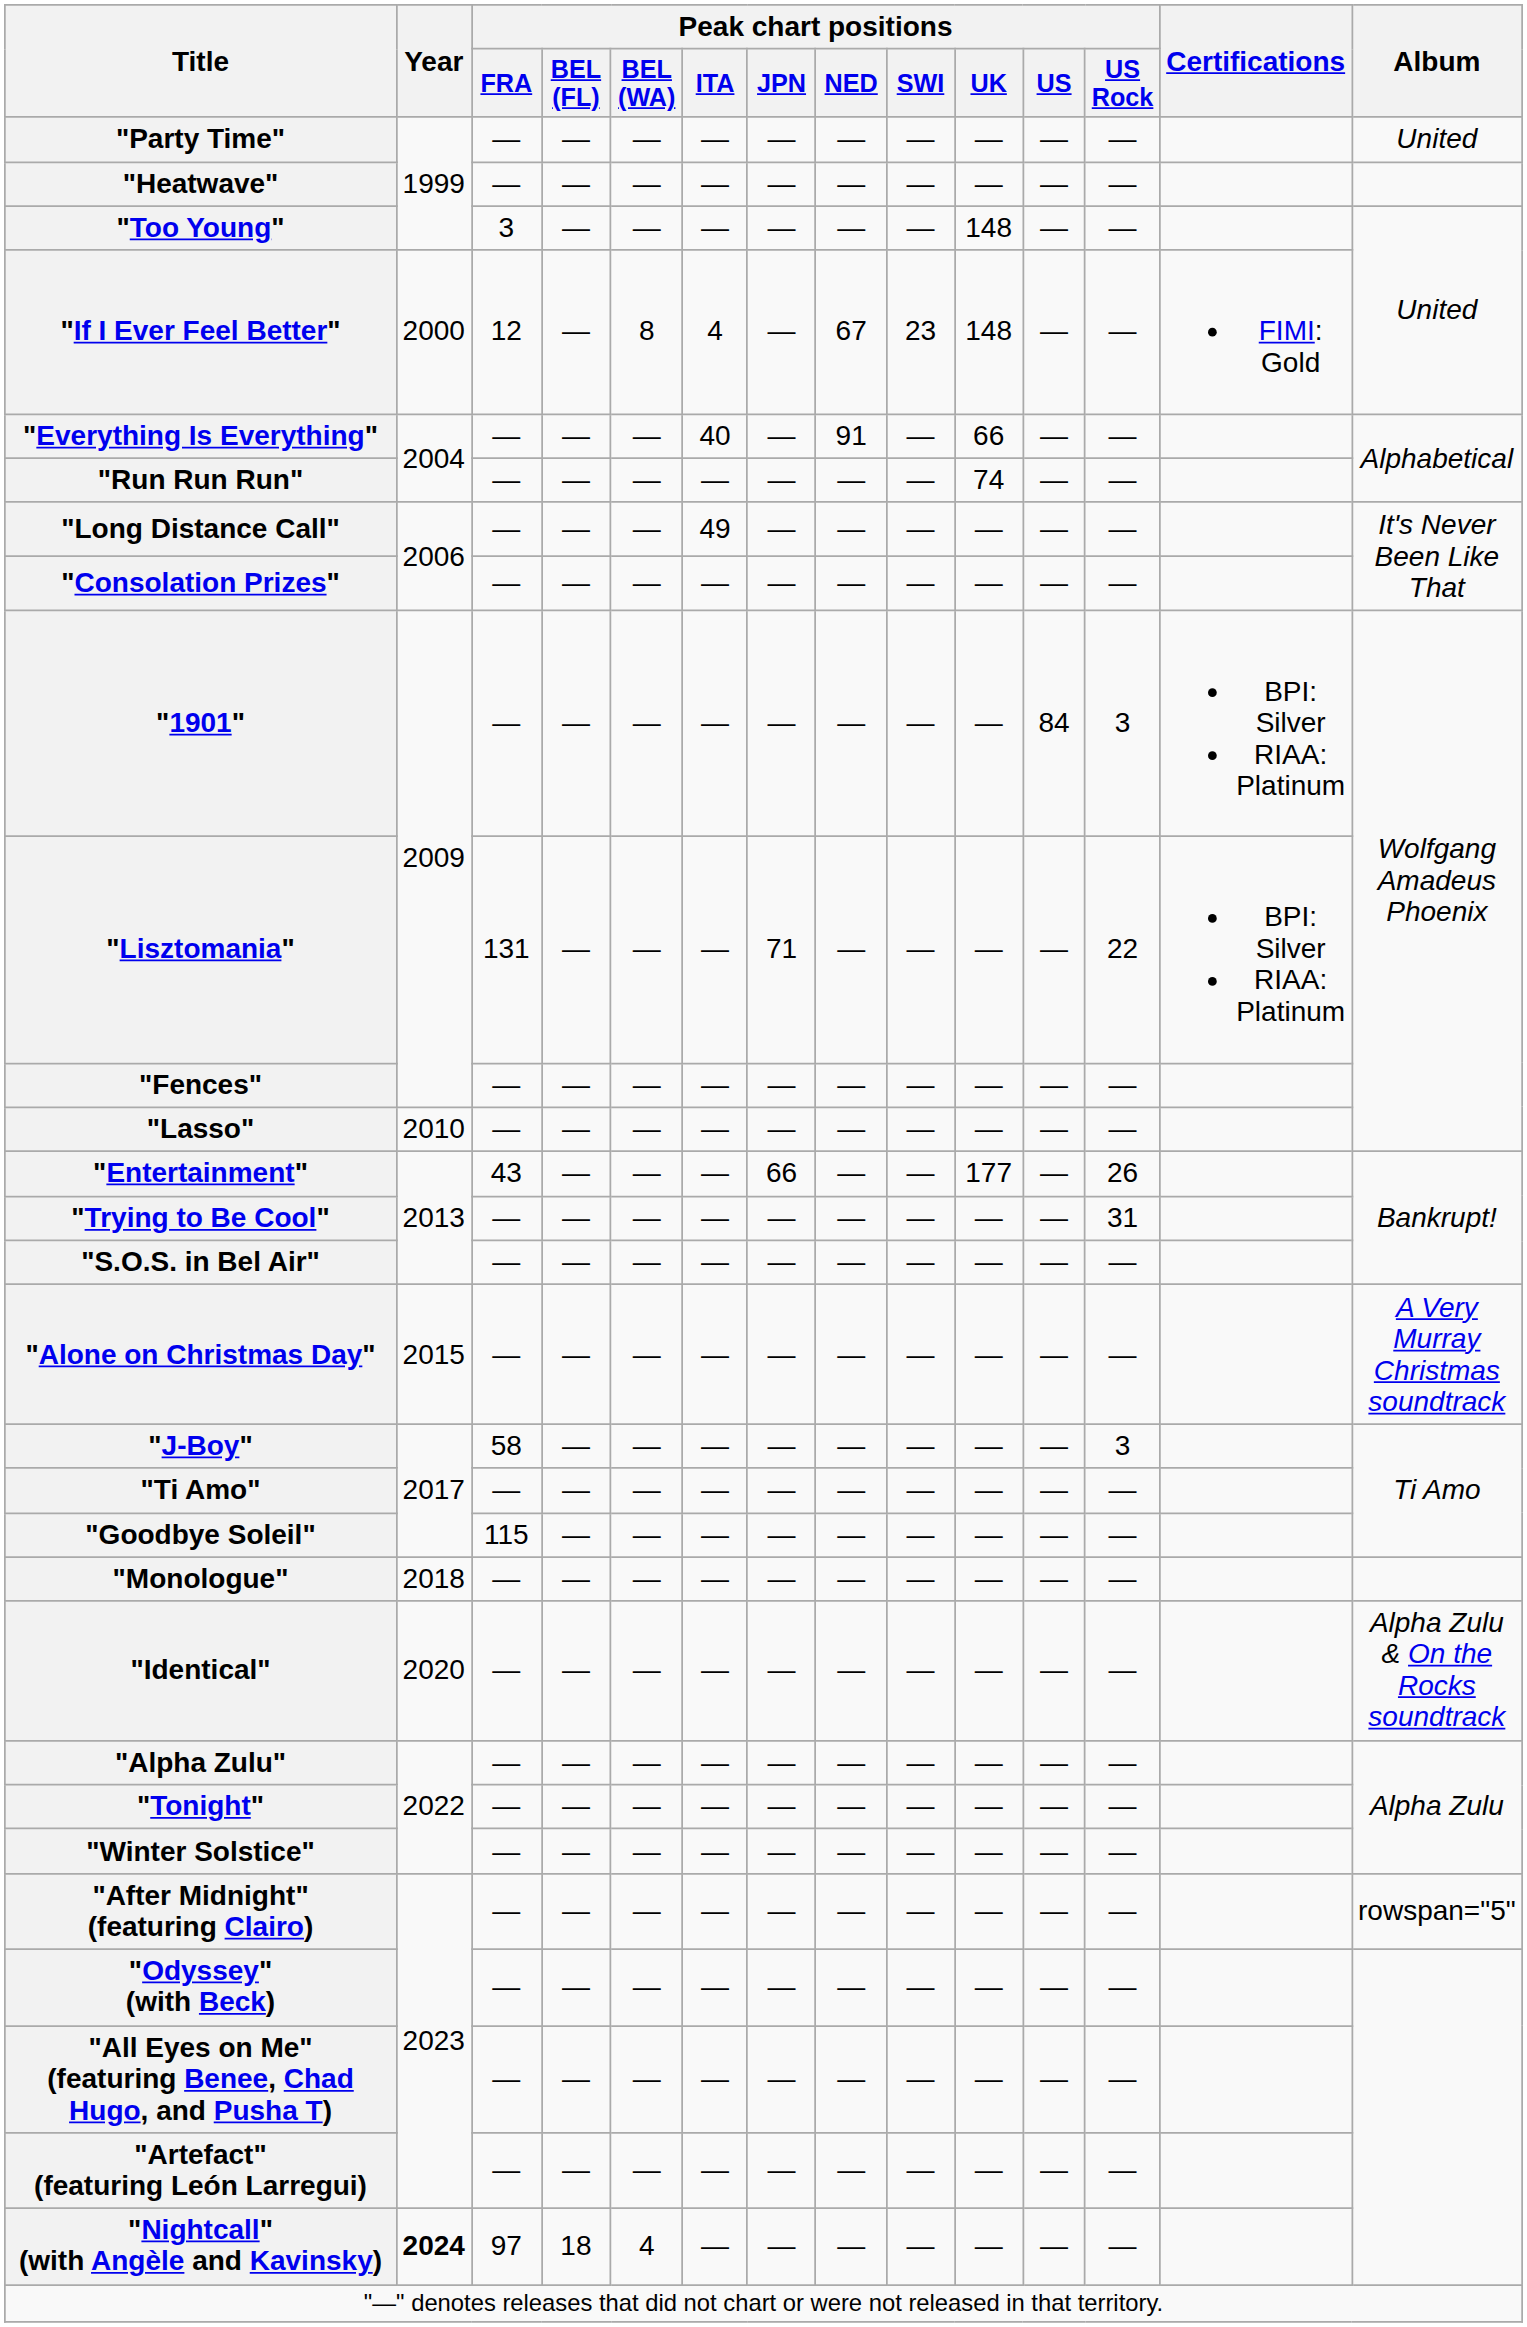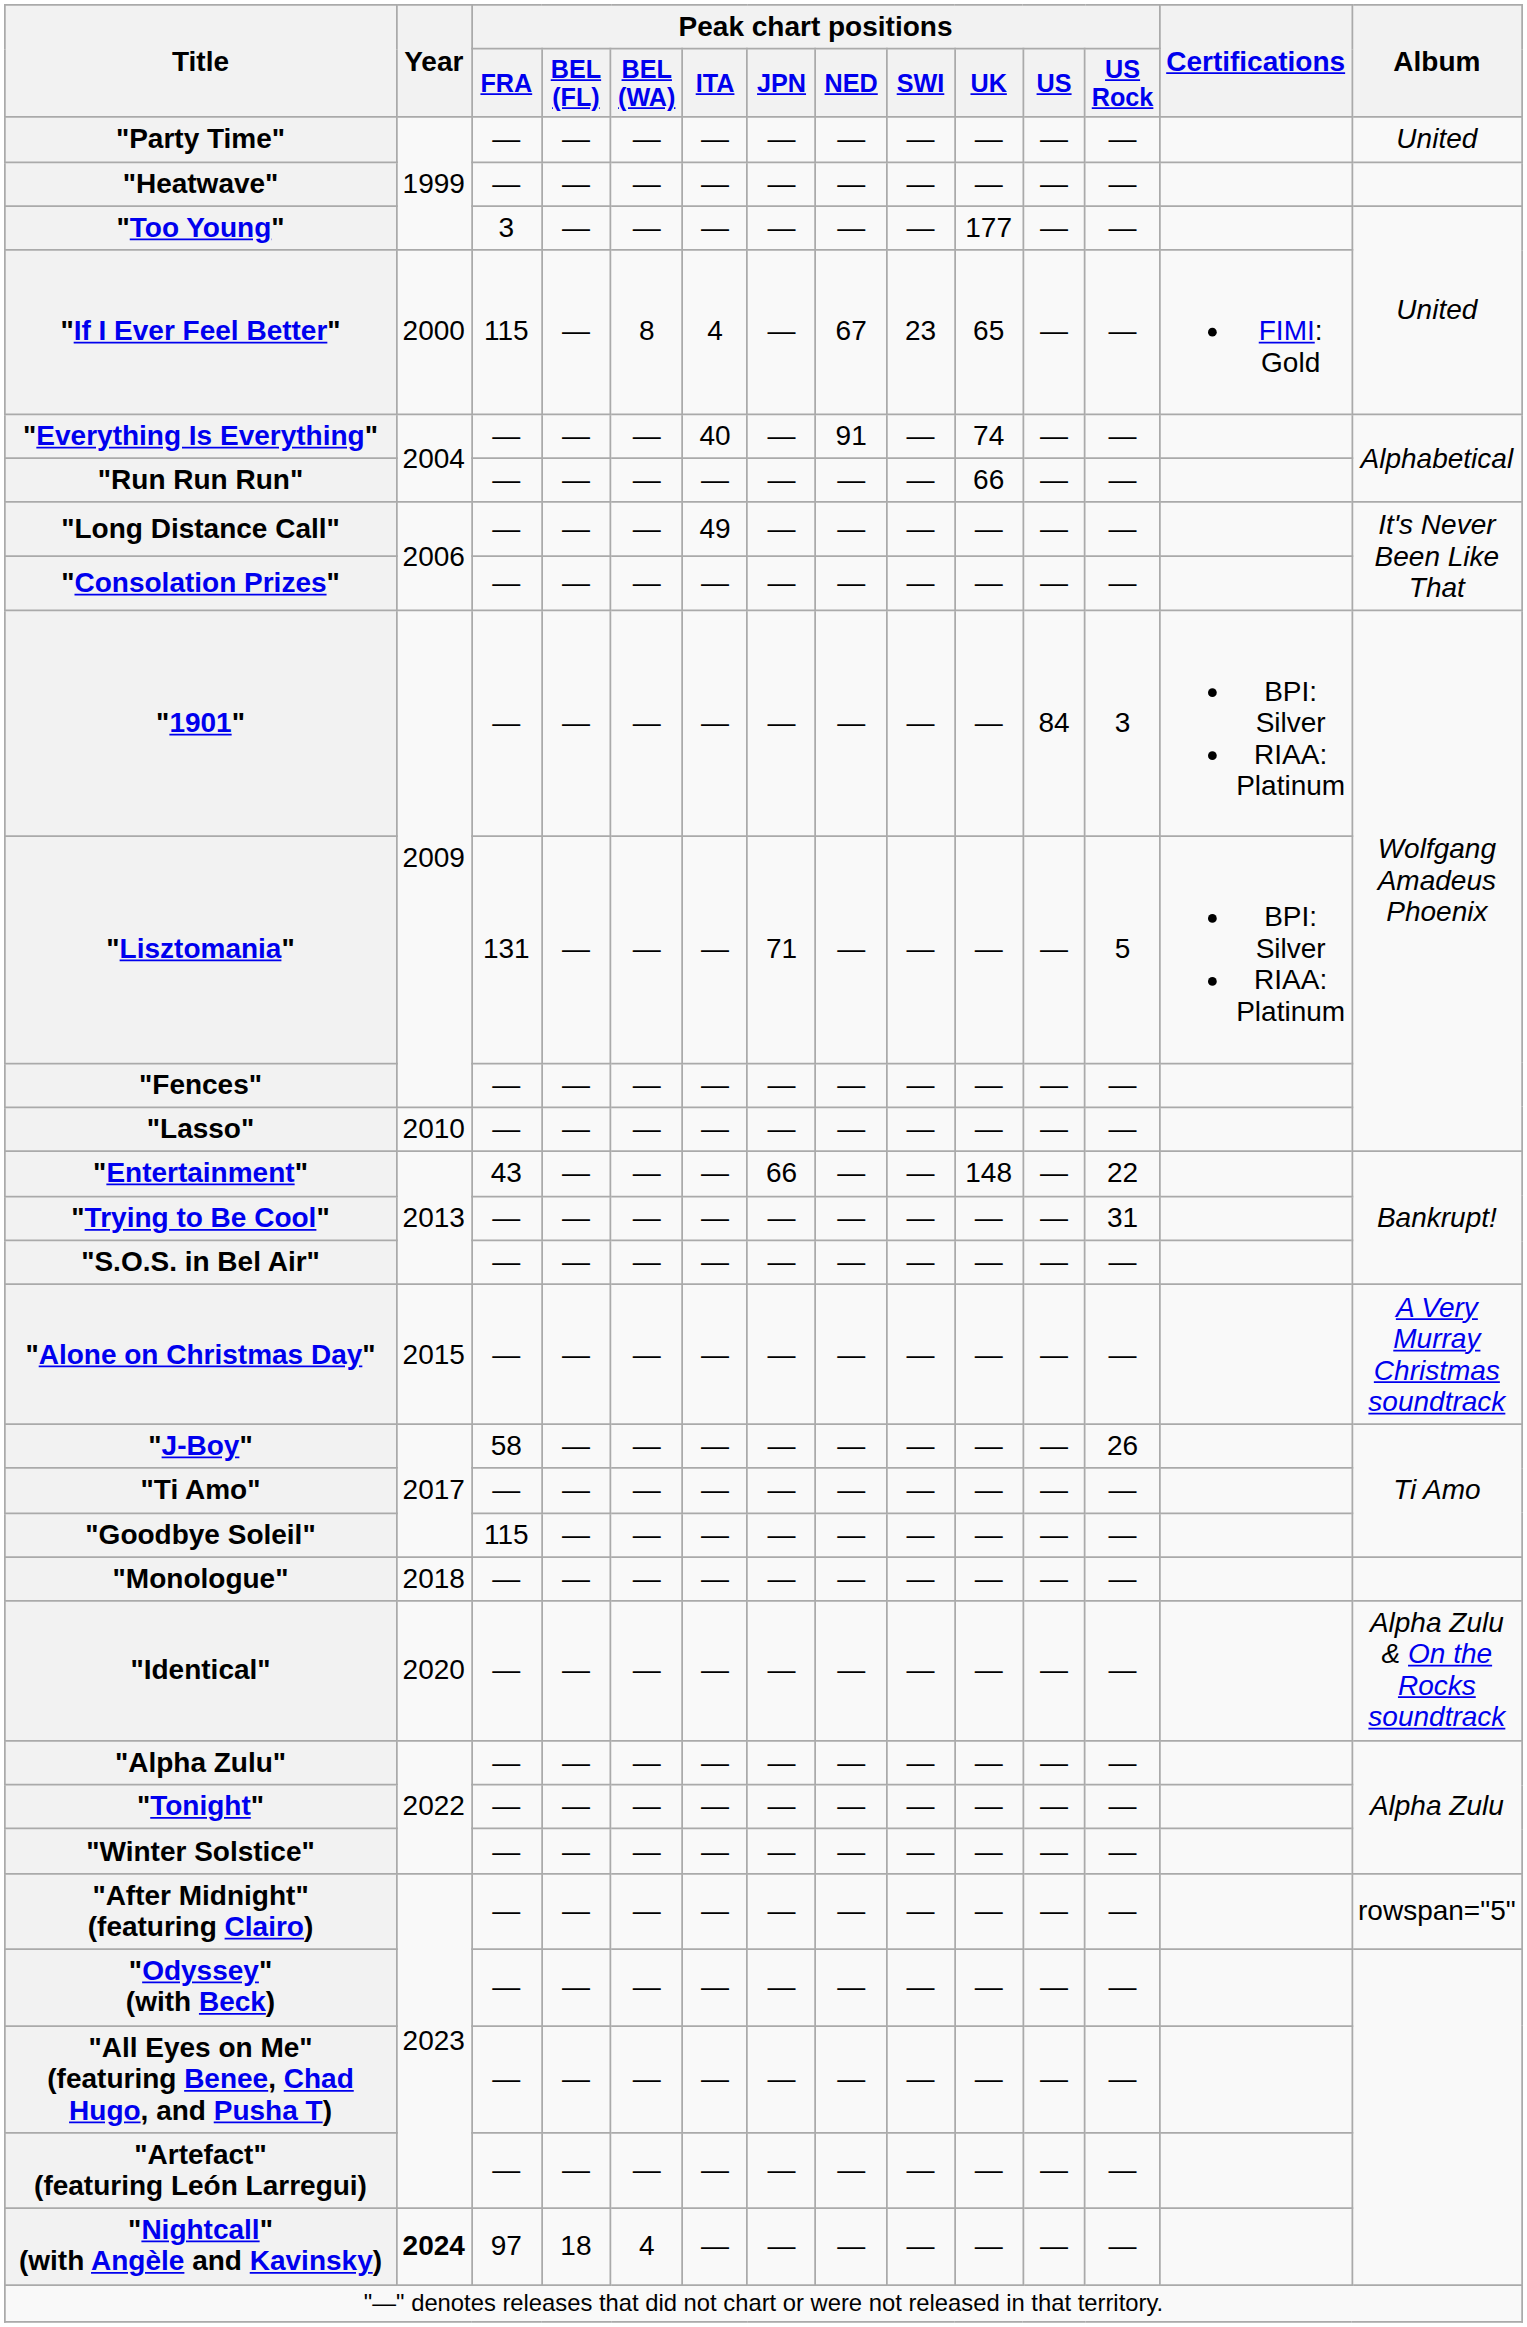 <table class="wikitable plainrowheaders" style="text-align:center;">
 <tr>
 <th scope="col" rowspan="2" style="width:18em;">Title</th>
 <th scope="col" rowspan="2" style="width:1em;">Year</th>
 <th scope="col" colspan="10">Peak chart positions</th>
 <th scope="col" rowspan="2"><a href='#'>Certifications</a></th>
 <th scope="col" rowspan="2">Album</th>
 </tr>
 <tr>
 <th scope="col" style="width:2.5em;font-size:90%;"><a href='#'>FRA</a><br></th>
 <th scope="col" style="width:2.5em;font-size:90%;"><a href='#'>BEL<br>(FL)</a><br></th>
 <th scope="col" style="width:2.5em;font-size:90%;"><a href='#'>BEL<br>(WA)</a><br></th>
 <th scope="col" style="width:2.5em;font-size:90%;"><a href='#'>ITA</a><br></th>
 <th scope="col" style="width:2.5em;font-size:90%;"><a href='#'>JPN</a><br></th>
 <th scope="col" style="width:2.5em;font-size:90%;"><a href='#'>NED</a><br></th>
 <th scope="col" style="width:2.5em;font-size:90%;"><a href='#'>SWI</a><br></th>
 <th scope="col" style="width:2.5em;font-size:90%;"><a href='#'>UK</a><br></th>
 <th scope="col" style="width:2.5em;font-size:90%;"><a href='#'>US</a><br></th>
 <th scope="col" style="width:2.5em;font-size:90%;"><a href='#'>US<br>Rock</a><br></th>
 </tr>
 <tr>
 <th scope="row">"Party Time"</th>
 <td rowspan="3">1999</td>
 <td>—</td>
 <td>—</td>
 <td>—</td>
 <td>—</td>
 <td>—</td>
 <td>—</td>
 <td>—</td>
 <td>—</td>
 <td>—</td>
 <td>—</td>
 <td></td>
 <td><em>United</em></td>
 </tr>
 <tr>
 <th scope="row">"Heatwave"</th>
 <td>—</td>
 <td>—</td>
 <td>—</td>
 <td>—</td>
 <td>—</td>
 <td>—</td>
 <td>—</td>
 <td>—</td>
 <td>—</td>
 <td>—</td>
 <td></td>
 <td></td>
 </tr>
 <tr>
 <th scope="row">"<a href='#'>Too Young</a>"</th>
 <td>3</td>
 <td>—</td>
 <td>—</td>
 <td>—</td>
 <td>—</td>
 <td>—</td>
 <td>—</td>
-<td>148</td>
+<td>177</td>
 <td>—</td>
 <td>—</td>
 <td></td>
 <td rowspan="2"><em>United</em></td>
 </tr>
 <tr>
 <th scope="row">"<a href='#'>If I Ever Feel Better</a>"</th>
 <td>2000</td>
-<td>12</td>
+<td>115</td>
 <td>—</td>
 <td>8</td>
 <td>4</td>
 <td>—</td>
 <td>67</td>
 <td>23</td>
-<td>148</td>
+<td>65</td>
 <td>—</td>
 <td>—</td>
 <td><br><ul><li><a href='#'>FIMI</a>: Gold</li></ul></td>
 </tr>
 <tr>
 <th scope="row">"<a href='#'>Everything Is Everything</a>"</th>
 <td rowspan="2">2004</td>
 <td>—</td>
 <td>—</td>
 <td>—</td>
 <td>40</td>
 <td>—</td>
 <td>91</td>
 <td>—</td>
-<td>66</td>
+<td>74</td>
 <td>—</td>
 <td>—</td>
 <td></td>
 <td rowspan="2"><em>Alphabetical</em></td>
 </tr>
 <tr>
 <th scope="row">"Run Run Run"</th>
 <td>—</td>
 <td>—</td>
 <td>—</td>
 <td>—</td>
 <td>—</td>
 <td>—</td>
 <td>—</td>
-<td>74</td>
+<td>66</td>
 <td>—</td>
 <td>—</td>
 <td></td>
 </tr>
 <tr>
 <th scope="row">"Long Distance Call"</th>
 <td rowspan="2">2006</td>
 <td>—</td>
 <td>—</td>
 <td>—</td>
 <td>49</td>
 <td>—</td>
 <td>—</td>
 <td>—</td>
 <td>—</td>
 <td>—</td>
 <td>—</td>
 <td></td>
 <td rowspan="2"><em>It's Never Been Like That</em></td>
 </tr>
 <tr>
 <th scope="row">"<a href='#'>Consolation Prizes</a>"</th>
 <td>—</td>
 <td>—</td>
 <td>—</td>
 <td>—</td>
 <td>—</td>
 <td>—</td>
 <td>—</td>
 <td>—</td>
 <td>—</td>
 <td>—</td>
 <td></td>
 </tr>
 <tr>
 <th scope="row">"<a href='#'>1901</a>"</th>
 <td rowspan="3">2009</td>
 <td>—</td>
 <td>—</td>
 <td>—</td>
 <td>—</td>
 <td>—</td>
 <td>—</td>
 <td>—</td>
 <td>—</td>
 <td>84</td>
 <td>3</td>
 <td><br><ul><li>BPI: Silver</li><li>RIAA: Platinum</li></ul></td>
 <td rowspan="4"><em>Wolfgang Amadeus Phoenix</em></td>
 </tr>
 <tr>
 <th scope="row">"<a href='#'>Lisztomania</a>"</th>
 <td>131</td>
 <td>—</td>
 <td>—</td>
 <td>—</td>
 <td>71</td>
 <td>—</td>
 <td>—</td>
 <td>—</td>
 <td>—</td>
-<td>22</td>
+<td>5</td>
 <td><br><ul><li>BPI: Silver</li><li>RIAA: Platinum</li></ul></td>
 </tr>
 <tr>
 <th scope="row">"Fences"</th>
 <td>—</td>
 <td>—</td>
 <td>—</td>
 <td>—</td>
 <td>—</td>
 <td>—</td>
 <td>—</td>
 <td>—</td>
 <td>—</td>
 <td>—</td>
 <td></td>
 </tr>
 <tr>
 <th scope="row">"Lasso"</th>
 <td>2010</td>
 <td>—</td>
 <td>—</td>
 <td>—</td>
 <td>—</td>
 <td>—</td>
 <td>—</td>
 <td>—</td>
 <td>—</td>
 <td>—</td>
 <td>—</td>
 <td></td>
 </tr>
 <tr>
 <th scope="row">"<a href='#'>Entertainment</a>"</th>
 <td rowspan="3">2013</td>
 <td>43</td>
 <td>—</td>
 <td>—</td>
 <td>—</td>
 <td>66</td>
 <td>—</td>
 <td>—</td>
-<td>177</td>
+<td>148</td>
 <td>—</td>
-<td>26</td>
+<td>22</td>
 <td></td>
 <td rowspan="3"><em>Bankrupt!</em></td>
 </tr>
 <tr>
 <th scope="row">"<a href='#'>Trying to Be Cool</a>"</th>
 <td>—</td>
 <td>—</td>
 <td>—</td>
 <td>—</td>
 <td>—</td>
 <td>—</td>
 <td>—</td>
 <td>—</td>
 <td>—</td>
 <td>31</td>
 <td></td>
 </tr>
 <tr>
 <th scope="row">"S.O.S. in Bel Air"</th>
 <td>—</td>
 <td>—</td>
 <td>—</td>
 <td>—</td>
 <td>—</td>
 <td>—</td>
 <td>—</td>
 <td>—</td>
 <td>—</td>
 <td>—</td>
 <td></td>
 </tr>
 <tr>
 <th scope="row">"<a href='#'>Alone on Christmas Day</a>"<br></th>
 <td style="text-align:center;">2015</td>
 <td>—</td>
 <td>—</td>
 <td>—</td>
 <td>—</td>
 <td>—</td>
 <td>—</td>
 <td>—</td>
 <td>—</td>
 <td>—</td>
 <td>—</td>
 <td></td>
 <td align="center"><em><a href='#'>A Very Murray Christmas soundtrack</a></em></td>
 </tr>
 <tr>
 <th scope="row">"<a href='#'>J-Boy</a>"</th>
 <td rowspan="3">2017</td>
 <td>58</td>
 <td>—</td>
 <td>—</td>
 <td>—</td>
 <td>—</td>
 <td>—</td>
 <td>—</td>
 <td>—</td>
 <td>—</td>
-<td>3</td>
+<td>26</td>
 <td></td>
 <td rowspan="3"><em>Ti Amo</em></td>
 </tr>
 <tr>
 <th scope="row">"Ti Amo"</th>
 <td>—</td>
 <td>—</td>
 <td>—</td>
 <td>—</td>
 <td>—</td>
 <td>—</td>
 <td>—</td>
 <td>—</td>
 <td>—</td>
 <td>—</td>
 <td></td>
 </tr>
 <tr>
 <th scope="row">"Goodbye Soleil"</th>
 <td>115</td>
 <td>—</td>
 <td>—</td>
 <td>—</td>
 <td>—</td>
 <td>—</td>
 <td>—</td>
 <td>—</td>
 <td>—</td>
 <td>—</td>
 <td></td>
 </tr>
 <tr>
 <th scope="row">"Monologue"</th>
 <td>2018</td>
 <td>—</td>
 <td>—</td>
 <td>—</td>
 <td>—</td>
 <td>—</td>
 <td>—</td>
 <td>—</td>
 <td>—</td>
 <td>—</td>
 <td>—</td>
 <td></td>
 <td></td>
 </tr>
 <tr>
 <th scope="row">"Identical"</th>
 <td>2020</td>
 <td>—</td>
 <td>—</td>
 <td>—</td>
 <td>—</td>
 <td>—</td>
 <td>—</td>
 <td>—</td>
 <td>—</td>
 <td>—</td>
 <td>—</td>
 <td></td>
 <td align="center"><em>Alpha Zulu & <a href='#'>On the Rocks soundtrack</a></em></td>
 </tr>
 <tr>
 <th scope="row">"Alpha Zulu"</th>
 <td rowspan="3">2022</td>
 <td>—</td>
 <td>—</td>
 <td>—</td>
 <td>—</td>
 <td>—</td>
 <td>—</td>
 <td>—</td>
 <td>—</td>
 <td>—</td>
 <td>—</td>
 <td></td>
 <td rowspan="3"><em>Alpha Zulu</em></td>
 </tr>
 <tr>
 <th scope="row">"<a href='#'>Tonight</a>"<br></th>
 <td>—</td>
 <td>—</td>
 <td>—</td>
 <td>—</td>
 <td>—</td>
 <td>—</td>
 <td>—</td>
 <td>—</td>
 <td>—</td>
 <td>—</td>
 <td></td>
 </tr>
 <tr>
 <th scope="row">"Winter Solstice"</th>
 <td>—</td>
 <td>—</td>
 <td>—</td>
 <td>—</td>
 <td>—</td>
 <td>—</td>
 <td>—</td>
 <td>—</td>
 <td>—</td>
 <td>—</td>
 <td></td>
 </tr>
 <tr>
 <th scope="row">"After Midnight"<br><span>(featuring <a href='#'>Clairo</a>)</span></th>
 <td rowspan="4">2023</td>
 <td>—</td>
 <td>—</td>
 <td>—</td>
 <td>—</td>
 <td>—</td>
 <td>—</td>
 <td>—</td>
 <td>—</td>
 <td>—</td>
 <td>—</td>
 <td></td>
 <td>rowspan="5" </td>
 </tr>
 <tr>
 <th scope="row">"<a href='#'>Odyssey</a>"<br><span>(with <a href='#'>Beck</a>)</span></th>
 <td>—</td>
 <td>—</td>
 <td>—</td>
 <td>—</td>
 <td>—</td>
 <td>—</td>
 <td>—</td>
 <td>—</td>
 <td>—</td>
 <td>—</td>
 <td></td>
 </tr>
 <tr>
 <th scope="row">"All Eyes on Me" <br><span>(featuring <a href='#'>Benee</a>, <a href='#'>Chad Hugo</a>, and <a href='#'>Pusha T</a>)</span></th>
 <td>—</td>
 <td>—</td>
 <td>—</td>
 <td>—</td>
 <td>—</td>
 <td>—</td>
 <td>—</td>
 <td>—</td>
 <td>—</td>
 <td>—</td>
 <td></td>
 </tr>
 <tr>
 <th scope="row">"Artefact"<br><span>(featuring León Larregui)</span></th>
 <td>—</td>
 <td>—</td>
 <td>—</td>
 <td>—</td>
 <td>—</td>
 <td>—</td>
 <td>—</td>
 <td>—</td>
 <td>—</td>
 <td>—</td>
 <td></td>
 </tr>
 <tr>
 <th scope="row">"<a href='#'>Nightcall</a>"<br><span>(with <a href='#'>Angèle</a> and <a href='#'>Kavinsky</a>)</span></th>
 <td><strong>2024</strong></td>
 <td>97</td>
 <td>18</td>
 <td>4</td>
 <td>—</td>
 <td>—</td>
 <td>—</td>
 <td>—</td>
 <td>—</td>
 <td>—</td>
 <td>—</td>
 <td></td>
 </tr>
 <tr>
 <td colspan="15" style="font-size: 85%">"—" denotes releases that did not chart or were not released in that territory.</td>
 </tr>
 </table>
